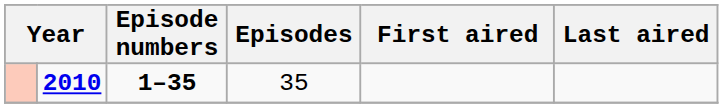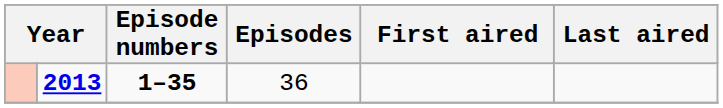 <table class="wikitable" style="text-align:center">
 <tr>
 <th style="padding:0 9px;" colspan="2">Year</th>
 <th style="padding:0 4px;">Episode<br>numbers</th>
 <th style="padding:0 4px;">Episodes</th>
 <th style="padding:0 8px;">First aired</th>
 <th style="padding:0 4px;">Last aired</th>
 </tr>
 <tr>
 <td style="background:#fdcbbb;padding:0 8px;  "></td>
-<td><strong><a href='#'>2010</a></strong></td>
+<td><strong><a href='#'>2013</a></strong></td>
 <td><strong>1–35</strong></td>
-<td>35</td>
+<td>36</td>
 <td></td>
 <td></td>
 </tr>
 <tr>
 </tr>
 </table>
